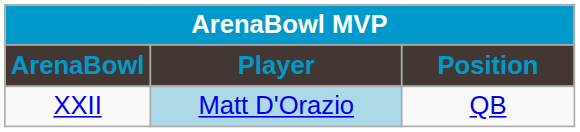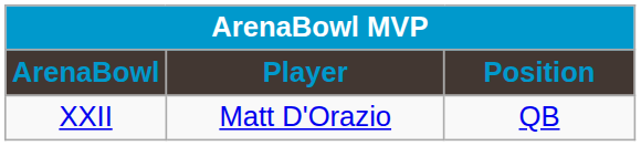 <table class="wikitable sortable" style="text-align:center">
 <tr>
 <td colspan="4" style="background:#09C; color:#fff;"><strong>ArenaBowl MVP</strong></td>
 </tr>
 <tr>
 <th style="width:50px; background:#423732; color:#09C;">ArenaBowl</th>
 <th style="width:150px; background:#423732; color:#09C;">Player</th>
 <th style="width:100px; background:#423732; color:#09C;">Position</th>
 </tr>
 <tr>
 <td><a href='#'>XXII</a></td>
-<td style="background: lightblue;"><a href='#'>Matt D'Orazio</a></td>
+<td><a href='#'>Matt D'Orazio</a></td>
 <td><a href='#'>QB</a></td>
 </tr>
 </table>
